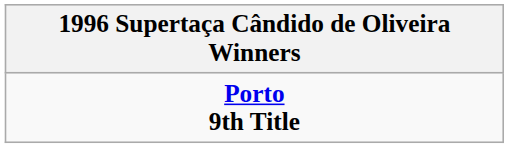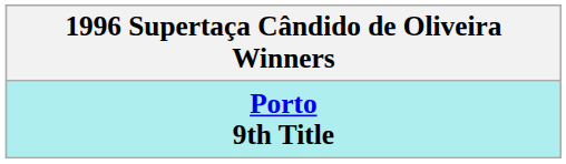 <table class="wikitable" style="text-align: center; margin: 0 auto; width: 20%">
 <tr>
 <th>1996 Supertaça Cândido de Oliveira Winners</th>
 </tr>
 <tr>
-<td><strong><a href='#'>Porto</a></strong><br><strong>9th Title</strong></td>
+<td style="background: paleturquoise;"><strong><a href='#'>Porto</a></strong><br><strong>9th Title</strong></td>
 </tr>
 </table>
